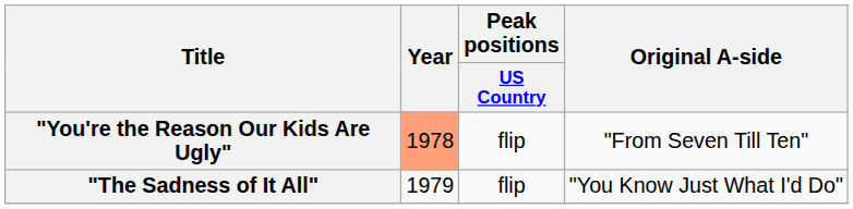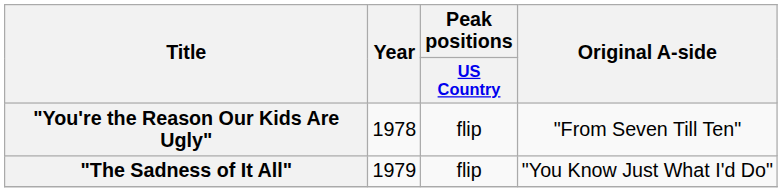 <table class="wikitable plainrowheaders" style="text-align:center;">
 <tr>
 <th rowspan="2" style="width:18em;">Title</th>
 <th rowspan="2">Year</th>
 <th colspan="1">Peak positions</th>
 <th rowspan="2">Original A-side</th>
 </tr>
 <tr style="font-size:smaller;">
 <th width="65"><a href='#'>US Country</a><br></th>
 </tr>
 <tr>
 <th scope="row">"You're the Reason Our Kids Are Ugly"</th>
-<td style="background: lightsalmon;">1978</td>
+<td>1978</td>
 <td>flip</td>
 <td>"From Seven Till Ten"</td>
 </tr>
 <tr>
 <th scope="row">"The Sadness of It All"</th>
 <td>1979</td>
 <td>flip</td>
 <td>"You Know Just What I'd Do"</td>
 </tr>
 <tr>
 </tr>
 </table>
